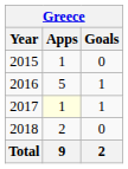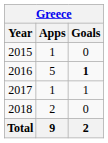 <table class="wikitable" style="text-align:center">
 <tr>
 <th colspan=4><a href='#'>Greece</a></th>
 </tr>
 <tr>
 <th>Year</th>
 <th>Apps</th>
 <th>Goals</th>
 </tr>
 <tr>
 <td>2015</td>
 <td>1</td>
 <td>0</td>
 </tr>
 <tr>
 <td>2016</td>
 <td>5</td>
-<td>1</td>
+<td><strong>1</strong></td>
 </tr>
 <tr>
 <td>2017</td>
-<td style="background: lightyellow;">1</td>
+<td>1</td>
 <td>1</td>
 </tr>
 <tr>
 <td>2018</td>
 <td>2</td>
 <td>0</td>
 </tr>
 <tr>
 <th>Total</th>
 <th>9</th>
 <th>2</th>
 </tr>
 </table>
